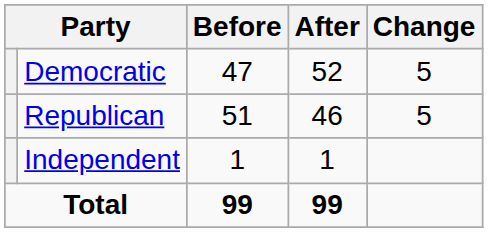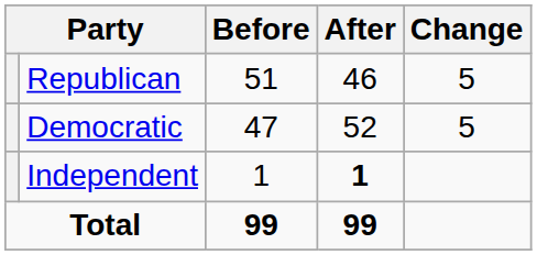 <table class="wikitable" style="text-align:center;">
 <tr>
 <th colspan="2">Party</th>
 <th>Before</th>
 <th>After</th>
 <th>Change</th>
+</tr>
+<tr>
+<th style="background-color:"></th>
+<td style="text-align:left;"><a href='#'>Republican</a></td>
+<td>51</td>
+<td>46</td>
+<td> 5</td>
 </tr>
 <tr>
 <th style="background-color:"></th>
 <td style="text-align:left;"><a href='#'>Democratic</a></td>
 <td>47</td>
 <td>52</td>
 <td> 5</td>
 </tr>
 <tr>
 <th style="background-color:"></th>
-<td style="text-align:left;"><a href='#'>Republican</a></td>
-<td>51</td>
-<td>46</td>
-<td> 5</td>
-</tr>
-<tr>
-<th style="background-color:"></th>
 <td style="text-align:left;"><a href='#'>Independent</a></td>
 <td>1</td>
-<td>1</td>
+<td><strong>1</strong></td>
 <td></td>
 </tr>
 <tr>
 <td colspan="2"><strong>Total</strong></td>
 <td><strong>99</strong></td>
 <td><strong>99</strong></td>
 <td></td>
 </tr>
 </table>
